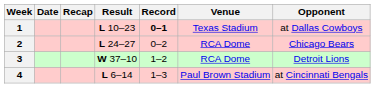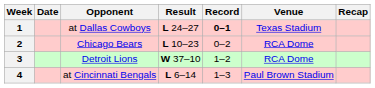 <table class="wikitable" style="text-align:center">
 <tr>
 <th>Week</th>
 <th>Date</th>
-<th>Recap</th>
+<th>Opponent</th>
 <th>Result</th>
 <th>Record</th>
 <th>Venue</th>
-<th>Opponent</th>
+<th>Recap</th>
 </tr>
 <tr>
 <th>1</th>
 <td style="text-align:center; background:#fcc;"></td>
-<td style="text-align:center; background:#fcc;"></td>
-<td style="text-align:center; background:#fcc;"><strong>L</strong> 10–23</td>
+<td style="text-align:center; background:#fcc;">at <a href='#'>Dallas Cowboys</a></td>
+<td style="text-align:center; background:#fcc;"><strong>L</strong> 24–27</td>
 <td style="text-align:center; background:#fcc;"><strong>0–1</strong></td>
 <td style="text-align:center; background:#fcc;"><a href='#'>Texas Stadium</a></td>
-<td style="text-align:center; background:#fcc;">at <a href='#'>Dallas Cowboys</a></td>
+<td style="text-align:center; background:#fcc;"></td>
 </tr>
 <tr>
 <th>2</th>
 <td style="text-align:center; background:#fcc;"></td>
-<td style="text-align:center; background:#fcc;"></td>
-<td style="text-align:center; background:#fcc;"><strong>L</strong> 24–27</td>
+<td style="text-align:center; background:#fcc;"><a href='#'>Chicago Bears</a></td>
+<td style="text-align:center; background:#fcc;"><strong>L</strong> 10–23</td>
 <td style="text-align:center; background:#fcc;">0–2</td>
 <td style="text-align:center; background:#fcc;"><a href='#'>RCA Dome</a></td>
-<td style="text-align:center; background:#fcc;"><a href='#'>Chicago Bears</a></td>
+<td style="text-align:center; background:#fcc;"></td>
 </tr>
 <tr>
 <th>3</th>
 <td style="text-align:center; background:#cfc;"></td>
-<td style="text-align:center; background:#cfc;"></td>
+<td style="text-align:center; background:#cfc;"><a href='#'>Detroit Lions</a></td>
 <td style="text-align:center; background:#cfc;"><strong>W</strong> 37–10</td>
 <td style="text-align:center; background:#cfc;">1–2</td>
 <td style="text-align:center; background:#cfc;"><a href='#'>RCA Dome</a></td>
-<td style="text-align:center; background:#cfc;"><a href='#'>Detroit Lions</a></td>
+<td style="text-align:center; background:#cfc;"></td>
 </tr>
 <tr>
 <th>4</th>
 <td style="text-align:center; background:#fcc;"></td>
-<td style="text-align:center; background:#fcc;"></td>
+<td style="text-align:center; background:#fcc;">at <a href='#'>Cincinnati Bengals</a></td>
 <td style="text-align:center; background:#fcc;"><strong>L</strong> 6–14</td>
 <td style="text-align:center; background:#fcc;">1–3</td>
 <td style="text-align:center; background:#fcc;"><a href='#'>Paul Brown Stadium</a></td>
-<td style="text-align:center; background:#fcc;">at <a href='#'>Cincinnati Bengals</a></td>
+<td style="text-align:center; background:#fcc;"></td>
 </tr>
 </table>
